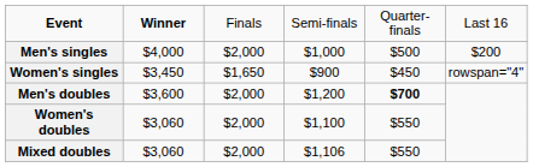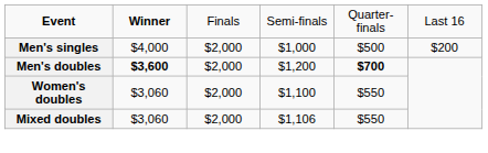 <table class="wikitable" style="font-size:90%; text-align:center">
 <tr>
 <td width="120"><strong>Event</strong></td>
 <td width="80"><strong>Winner</strong></td>
 <td width="80">Finals</td>
 <td width="80">Semi-finals</td>
 <td width="80">Quarter-finals</td>
 <td width="80">Last 16</td>
 </tr>
 <tr>
 <th>Men's singles</th>
 <td>$4,000</td>
 <td>$2,000</td>
 <td>$1,000</td>
 <td>$500</td>
 <td>$200</td>
 </tr>
 <tr>
-<th>Women's singles</th>
-<td>$3,450</td>
-<td>$1,650</td>
-<td>$900</td>
-<td>$450</td>
-<td>rowspan="4" </td>
-</tr>
-<tr>
 <th>Men's doubles</th>
-<td>$3,600</td>
+<td><strong>$3,600</strong></td>
 <td>$2,000</td>
 <td>$1,200</td>
 <td><strong>$700</strong></td>
 </tr>
 <tr>
 <th>Women's doubles</th>
 <td>$3,060</td>
 <td>$2,000</td>
 <td>$1,100</td>
 <td>$550</td>
 </tr>
 <tr>
 <th>Mixed doubles</th>
 <td>$3,060</td>
 <td>$2,000</td>
 <td>$1,106</td>
 <td>$550</td>
 </tr>
 </table>
